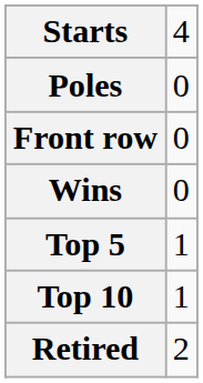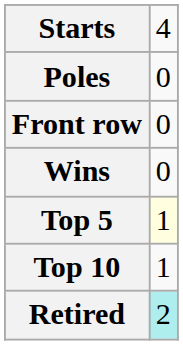 <table class="wikitable" style="text-align:center">
 <tr>
 <th>Starts</th>
 <td>4</td>
 </tr>
 <tr>
 <th>Poles</th>
 <td>0</td>
 </tr>
 <tr>
 <th>Front row</th>
 <td>0</td>
 </tr>
 <tr>
 <th>Wins</th>
 <td>0</td>
 </tr>
 <tr>
 <th>Top 5</th>
-<td>1</td>
+<td style="background: lightyellow;">1</td>
 </tr>
 <tr>
 <th>Top 10</th>
 <td>1</td>
 </tr>
 <tr>
 <th>Retired</th>
-<td>2</td>
+<td style="background: paleturquoise;">2</td>
 </tr>
 </table>
